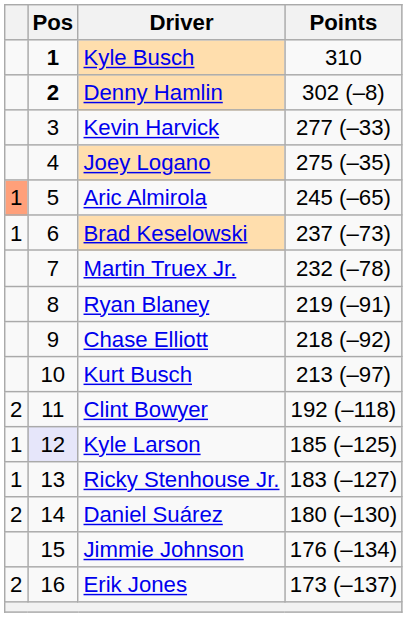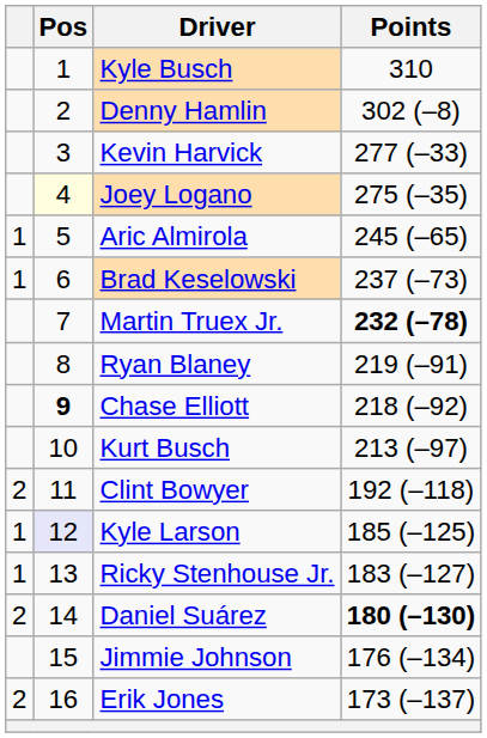 <table class="wikitable" style="font-size: 95%;">
 <tr>
 <th></th>
 <th>Pos</th>
 <th>Driver</th>
 <th>Points</th>
 </tr>
 <tr>
 <td align="left"></td>
-<td style="text-align:center;"><strong>1</strong></td>
+<td style="text-align:center;">1</td>
 <td style="background:#FFDEAD;"><a href='#'>Kyle Busch</a></td>
 <td style="text-align:center;">310</td>
 </tr>
 <tr>
 <td align="left"></td>
-<td style="text-align:center;"><strong>2</strong></td>
+<td style="text-align:center;">2</td>
 <td style="background:#FFDEAD;"><a href='#'>Denny Hamlin</a></td>
 <td style="text-align:center;">302 (–8)</td>
 </tr>
 <tr>
 <td align="left"></td>
 <td style="text-align:center;">3</td>
 <td><a href='#'>Kevin Harvick</a></td>
 <td style="text-align:center;">277 (–33)</td>
 </tr>
 <tr>
 <td align="left"></td>
-<td style="text-align:center;">4</td>
+<td style="background: lightyellow; text-align:center;">4</td>
 <td style="background:#FFDEAD;"><a href='#'>Joey Logano</a></td>
 <td style="text-align:center;">275 (–35)</td>
 </tr>
 <tr>
-<td align="left" style="background: lightsalmon;"> 1</td>
+<td align="left"> 1</td>
 <td style="text-align:center;">5</td>
 <td><a href='#'>Aric Almirola</a></td>
 <td style="text-align:center;">245 (–65)</td>
 </tr>
 <tr>
 <td align="left"> 1</td>
 <td style="text-align:center;">6</td>
 <td style="background:#FFDEAD;"><a href='#'>Brad Keselowski</a></td>
 <td style="text-align:center;">237 (–73)</td>
 </tr>
 <tr>
 <td align="left"></td>
 <td style="text-align:center;">7</td>
 <td><a href='#'>Martin Truex Jr.</a></td>
-<td style="text-align:center;">232 (–78)</td>
+<td style="text-align:center;"><strong>232 (–78)</strong></td>
 </tr>
 <tr>
 <td align="left"></td>
 <td style="text-align:center;">8</td>
 <td><a href='#'>Ryan Blaney</a></td>
 <td style="text-align:center;">219 (–91)</td>
 </tr>
 <tr>
 <td align="left"></td>
-<td style="text-align:center;">9</td>
+<td style="text-align:center;"><strong>9</strong></td>
 <td><a href='#'>Chase Elliott</a></td>
 <td style="text-align:center;">218 (–92)</td>
 </tr>
 <tr>
 <td align="left"></td>
 <td style="text-align:center;">10</td>
 <td><a href='#'>Kurt Busch</a></td>
 <td style="text-align:center;">213 (–97)</td>
 </tr>
 <tr>
 <td align="left"> 2</td>
 <td style="text-align:center;">11</td>
 <td><a href='#'>Clint Bowyer</a></td>
 <td style="text-align:center;">192 (–118)</td>
 </tr>
 <tr>
 <td align="left"> 1</td>
 <td style="background: lavender; text-align:center;">12</td>
 <td><a href='#'>Kyle Larson</a></td>
 <td style="text-align:center;">185 (–125)</td>
 </tr>
 <tr>
 <td align="left"> 1</td>
 <td style="text-align:center;">13</td>
 <td><a href='#'>Ricky Stenhouse Jr.</a></td>
 <td style="text-align:center;">183 (–127)</td>
 </tr>
 <tr>
 <td align="left"> 2</td>
 <td style="text-align:center;">14</td>
 <td><a href='#'>Daniel Suárez</a></td>
-<td style="text-align:center;">180 (–130)</td>
+<td style="text-align:center;"><strong>180 (–130)</strong></td>
 </tr>
 <tr>
 <td align="left"></td>
 <td style="text-align:center;">15</td>
 <td><a href='#'>Jimmie Johnson</a></td>
 <td style="text-align:center;">176 (–134)</td>
 </tr>
 <tr>
 <td align="left"> 2</td>
 <td style="text-align:center;">16</td>
 <td><a href='#'>Erik Jones</a></td>
 <td style="text-align:center;">173 (–137)</td>
 </tr>
 <tr class="sortbottom">
 <th colspan="9"></th>
 </tr>
 </table>
